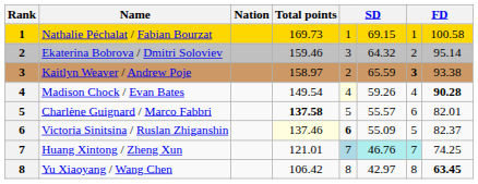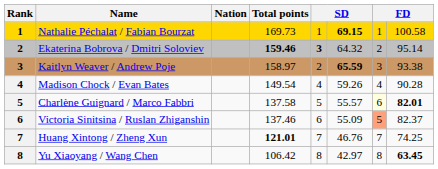 <table class="wikitable sortable">
 <tr>
 <th>Rank</th>
 <th>Name</th>
 <th>Nation</th>
 <th>Total points</th>
 <th colspan="2" width="80px" align="center"><strong><a href='#'>SD</a></strong></th>
 <th colspan="2" width="80px" align="center"><strong><a href='#'>FD</a></strong></th>
 </tr>
 <tr bgcolor="gold">
 <td align="center"><strong>1</strong></td>
 <td><a href='#'>Nathalie Péchalat</a> / <a href='#'>Fabian Bourzat</a></td>
 <td></td>
 <td align="center">169.73</td>
 <td align="center">1</td>
-<td align="center">69.15</td>
+<td align="center"><strong>69.15</strong></td>
 <td align="center">1</td>
 <td align="center">100.58</td>
 </tr>
 <tr bgcolor="silver">
 <td align="center"><strong>2</strong></td>
 <td><a href='#'>Ekaterina Bobrova</a> / <a href='#'>Dmitri Soloviev</a></td>
 <td></td>
-<td align="center">159.46</td>
-<td align="center">3</td>
+<td align="center"><strong>159.46</strong></td>
+<td align="center"><strong>3</strong></td>
 <td align="center">64.32</td>
 <td align="center">2</td>
 <td align="center">95.14</td>
 </tr>
 <tr bgcolor="cc9966">
 <td align="center"><strong>3</strong></td>
 <td><a href='#'>Kaitlyn Weaver</a> / <a href='#'>Andrew Poje</a></td>
 <td></td>
 <td align="center">158.97</td>
 <td align="center">2</td>
-<td align="center">65.59</td>
-<td align="center"><strong>3</strong></td>
+<td align="center"><strong>65.59</strong></td>
+<td align="center">3</td>
 <td align="center">93.38</td>
 </tr>
 <tr>
 <th>4</th>
 <td><a href='#'>Madison Chock</a> / <a href='#'>Evan Bates</a></td>
 <td></td>
 <td align="center">149.54</td>
-<td align="center" style="background: lightyellow;">4</td>
+<td align="center">4</td>
 <td align="center">59.26</td>
 <td align="center">4</td>
-<td align="center"><strong>90.28</strong></td>
+<td align="center">90.28</td>
 </tr>
 <tr>
 <th>5</th>
 <td><a href='#'>Charlène Guignard</a> / <a href='#'>Marco Fabbri</a></td>
 <td></td>
-<td align="center"><strong>137.58</strong></td>
+<td align="center">137.58</td>
 <td align="center">5</td>
 <td align="center">55.57</td>
-<td align="center">6</td>
-<td align="center">82.01</td>
+<td align="center" style="background: lightyellow;">6</td>
+<td align="center"><strong>82.01</strong></td>
 </tr>
 <tr>
 <th>6</th>
 <td><a href='#'>Victoria Sinitsina</a> / <a href='#'>Ruslan Zhiganshin</a></td>
 <td></td>
-<td align="center" style="background: lightyellow;">137.46</td>
-<td align="center"><strong>6</strong></td>
+<td align="center">137.46</td>
+<td align="center">6</td>
 <td align="center">55.09</td>
-<td align="center">5</td>
+<td align="center" style="background: lightsalmon;">5</td>
 <td align="center">82.37</td>
 </tr>
 <tr>
 <th>7</th>
 <td><a href='#'>Huang Xintong</a> / <a href='#'>Zheng Xun</a></td>
 <td></td>
-<td align="center">121.01</td>
-<td align="center" style="background: lightblue;">7</td>
-<td align="center" style="background: paleturquoise;">46.76</td>
-<td align="center" style="background: paleturquoise;">7</td>
+<td align="center"><strong>121.01</strong></td>
+<td align="center">7</td>
+<td align="center">46.76</td>
+<td align="center">7</td>
 <td align="center">74.25</td>
 </tr>
 <tr>
 <th>8</th>
 <td><a href='#'>Yu Xiaoyang</a> / <a href='#'>Wang Chen</a></td>
 <td></td>
 <td align="center">106.42</td>
 <td align="center">8</td>
 <td align="center">42.97</td>
 <td align="center">8</td>
 <td align="center"><strong>63.45</strong></td>
 </tr>
 </table>
